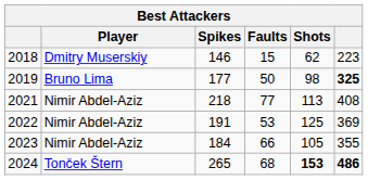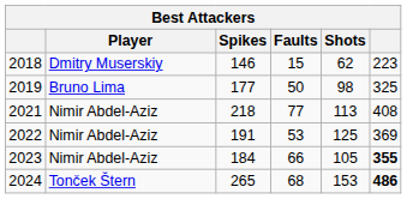 <table class="wikitable sortable" style=font-size:90%>
 <tr>
 <th colspan=7>Best Attackers</th>
 </tr>
 <tr>
 <th></th>
 <th width=158>Player</th>
 <th width=20>Spikes</th>
 <th width=20>Faults</th>
 <th width=20>Shots</th>
 <th width=20></th>
 </tr>
 <tr>
 <td>2018</td>
 <td> <a href='#'>Dmitry Muserskiy</a></td>
 <td align=center>146</td>
 <td align=center>15</td>
 <td align=center>62</td>
 <td align=center>223</td>
 </tr>
 <tr>
 <td>2019</td>
 <td> <a href='#'>Bruno Lima</a></td>
 <td align=center>177</td>
 <td align=center>50</td>
 <td align=center>98</td>
-<td align=center><strong>325</strong></td>
+<td align=center>325</td>
 </tr>
 <tr>
 <td>2021</td>
 <td> Nimir Abdel-Aziz</td>
 <td align=center>218</td>
 <td align=center>77</td>
 <td align=center>113</td>
 <td align=center>408</td>
 </tr>
 <tr>
 <td>2022</td>
 <td> Nimir Abdel-Aziz</td>
 <td align=center>191</td>
 <td align=center>53</td>
 <td align=center>125</td>
 <td align=center>369</td>
 </tr>
 <tr>
 <td>2023</td>
 <td> Nimir Abdel-Aziz</td>
 <td align=center>184</td>
 <td align=center>66</td>
 <td align=center>105</td>
-<td align=center>355</td>
+<td align=center><strong>355</strong></td>
 </tr>
 <tr>
 <td>2024</td>
 <td> <a href='#'>Tonček Štern</a></td>
 <td align=center>265</td>
 <td align=center>68</td>
-<td align=center><strong>153</strong></td>
+<td align=center>153</td>
 <td align=center><strong>486</strong></td>
 </tr>
 </table>
